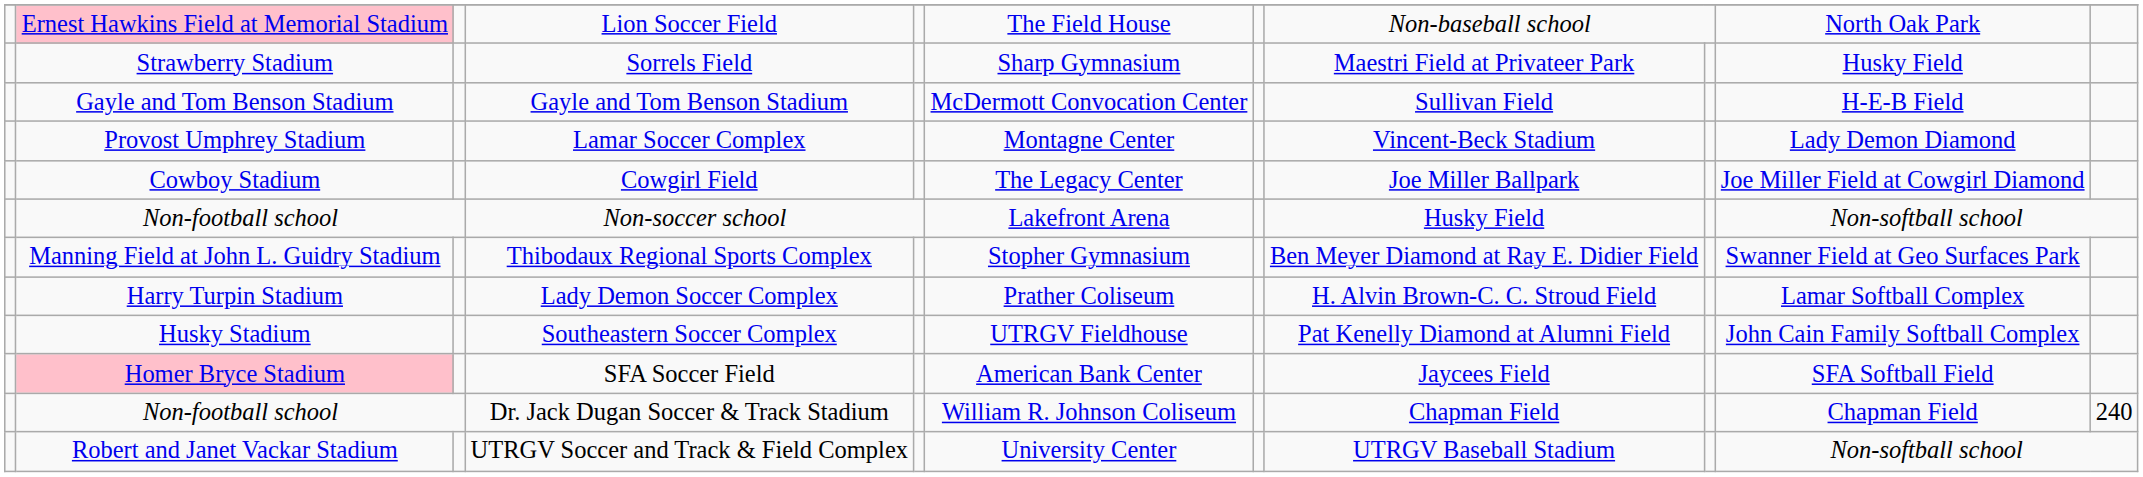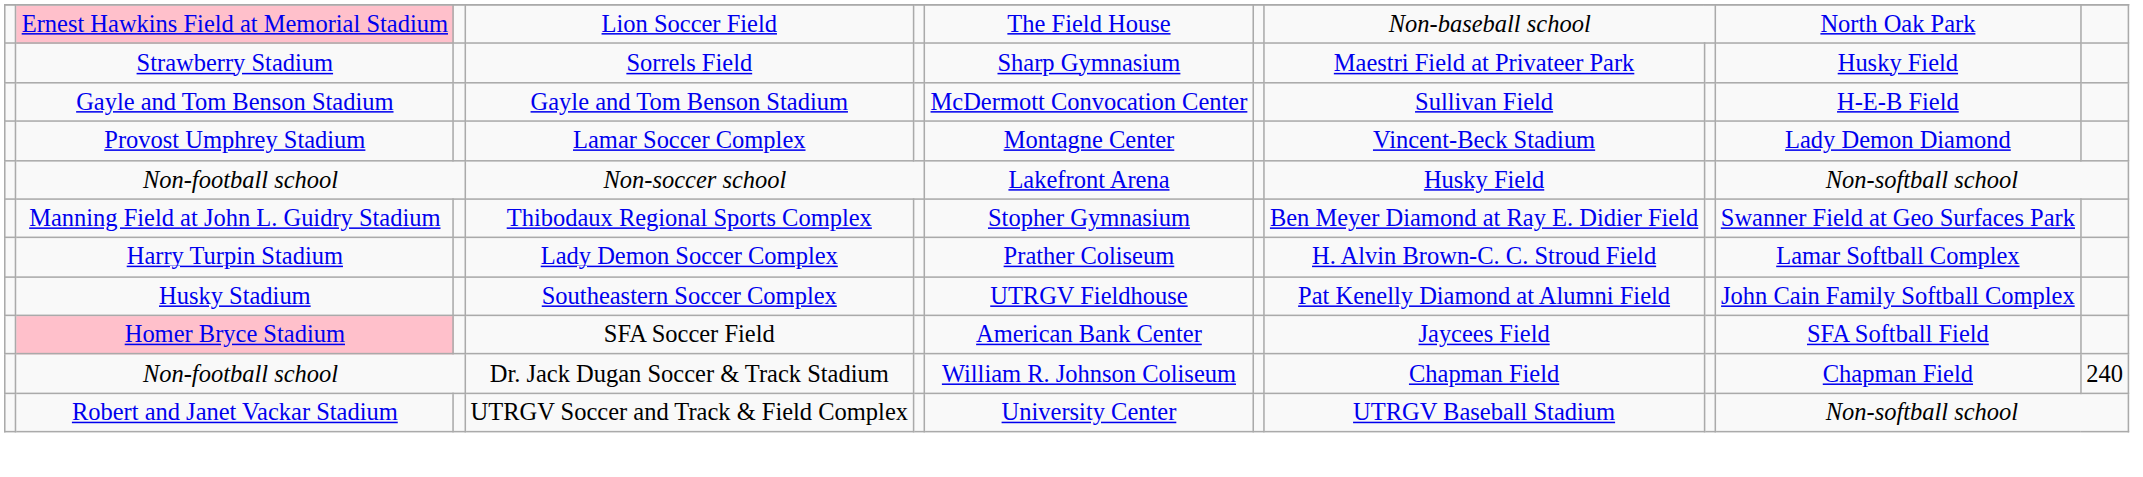 <table class="wikitable sortable" style="text-align:center">
 <tr>
 </tr>
 <tr>
 <td style="text-align:center; "><a href='#'></a></td>
 <td style="background: pink;"><a href='#'>Ernest Hawkins Field at Memorial Stadium</a></td>
 <td></td>
 <td><a href='#'>Lion Soccer Field</a></td>
 <td></td>
 <td><a href='#'>The Field House</a></td>
 <td></td>
 <td colspan=2 align=center><em>Non-baseball school</em></td>
 <td><a href='#'>North Oak Park</a></td>
 <td></td>
 </tr>
 <tr>
 <td style="text-align:center; "><a href='#'></a></td>
 <td><a href='#'>Strawberry Stadium</a></td>
 <td></td>
 <td><a href='#'>Sorrels Field</a></td>
 <td></td>
 <td><a href='#'>Sharp Gymnasium</a></td>
 <td></td>
 <td><a href='#'>Maestri Field at Privateer Park</a></td>
 <td></td>
 <td><a href='#'>Husky Field</a></td>
 <td></td>
 </tr>
 <tr>
 <td style="text-align:center; "><a href='#'></a></td>
 <td><a href='#'>Gayle and Tom Benson Stadium</a></td>
 <td></td>
 <td><a href='#'>Gayle and Tom Benson Stadium</a></td>
 <td></td>
 <td><a href='#'>McDermott Convocation Center</a></td>
 <td></td>
 <td><a href='#'>Sullivan Field</a></td>
 <td></td>
 <td><a href='#'>H-E-B Field</a></td>
 <td></td>
 </tr>
 <tr>
 <td style="text-align:center; "><a href='#'></a></td>
 <td><a href='#'>Provost Umphrey Stadium</a></td>
 <td></td>
 <td><a href='#'>Lamar Soccer Complex</a></td>
 <td></td>
 <td><a href='#'>Montagne Center</a></td>
 <td></td>
 <td><a href='#'>Vincent-Beck Stadium</a></td>
 <td></td>
 <td><a href='#'>Lady Demon Diamond</a></td>
-<td></td>
-</tr>
-<tr>
-<td style="text-align:center; "><a href='#'></a></td>
-<td><a href='#'>Cowboy Stadium</a></td>
-<td></td>
-<td><a href='#'>Cowgirl Field</a></td>
-<td></td>
-<td><a href='#'>The Legacy Center</a></td>
-<td></td>
-<td><a href='#'>Joe Miller Ballpark</a></td>
-<td></td>
-<td><a href='#'>Joe Miller Field at Cowgirl Diamond</a></td>
 <td></td>
 </tr>
 <tr>
 <td style="text-align:center; "><a href='#'></a></td>
 <td colspan=2 align=center><em>Non-football school</em></td>
 <td colspan=2 align=center><em>Non-soccer school</em></td>
 <td><a href='#'>Lakefront Arena</a></td>
 <td></td>
 <td><a href='#'>Husky Field</a></td>
 <td></td>
 <td colspan=2 align=center><em>Non-softball school</em></td>
 </tr>
 <tr>
 <td style="text-align:center; "><a href='#'></a></td>
 <td><a href='#'>Manning Field at John L. Guidry Stadium</a></td>
 <td></td>
 <td><a href='#'>Thibodaux Regional Sports Complex</a></td>
 <td></td>
 <td><a href='#'>Stopher Gymnasium</a></td>
 <td></td>
 <td><a href='#'>Ben Meyer Diamond at Ray E. Didier Field</a></td>
 <td></td>
 <td><a href='#'>Swanner Field at Geo Surfaces Park</a></td>
 <td></td>
 </tr>
 <tr>
 <td style="text-align:center; "><a href='#'></a></td>
 <td><a href='#'>Harry Turpin Stadium</a></td>
 <td></td>
 <td><a href='#'>Lady Demon Soccer Complex</a></td>
 <td></td>
 <td><a href='#'>Prather Coliseum</a></td>
 <td></td>
 <td><a href='#'>H. Alvin Brown-C. C. Stroud Field</a></td>
 <td></td>
 <td><a href='#'>Lamar Softball Complex</a></td>
 <td></td>
 </tr>
 <tr>
 <td style="text-align:center; "><a href='#'></a></td>
 <td><a href='#'>Husky Stadium</a></td>
 <td></td>
 <td><a href='#'>Southeastern Soccer Complex</a></td>
 <td></td>
 <td><a href='#'>UTRGV Fieldhouse</a></td>
 <td></td>
 <td><a href='#'>Pat Kenelly Diamond at Alumni Field</a></td>
 <td></td>
 <td><a href='#'>John Cain Family Softball Complex</a></td>
 <td></td>
 </tr>
 <tr>
 <td style="text-align:center; "><a href='#'></a></td>
 <td style="background: pink;"><a href='#'>Homer Bryce Stadium</a></td>
 <td></td>
 <td>SFA Soccer Field</td>
 <td></td>
 <td><a href='#'>American Bank Center</a></td>
 <td></td>
 <td><a href='#'>Jaycees Field</a></td>
 <td></td>
 <td><a href='#'>SFA Softball Field</a></td>
 <td></td>
 </tr>
 <tr>
 <td style="text-align:center; "><a href='#'></a></td>
 <td colspan=2 align=center><em>Non-football school</em></td>
 <td>Dr. Jack Dugan Soccer & Track Stadium</td>
 <td></td>
 <td><a href='#'>William R. Johnson Coliseum</a></td>
 <td></td>
 <td><a href='#'>Chapman Field</a></td>
 <td></td>
 <td><a href='#'>Chapman Field</a></td>
 <td>240</td>
 </tr>
 <tr>
 <td style="text-align:center; "><a href='#'></a></td>
 <td><a href='#'>Robert and Janet Vackar Stadium</a></td>
 <td></td>
 <td>UTRGV Soccer and Track & Field Complex</td>
 <td></td>
 <td><a href='#'>University Center</a></td>
 <td></td>
 <td><a href='#'>UTRGV Baseball Stadium</a></td>
 <td></td>
 <td colspan=2 align=center><em>Non-softball school</em></td>
 </tr>
 </table>
